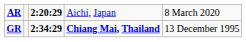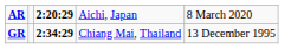 <table class="wikitable" style="font-size:95%; position:relative;">
 <tr>
 <td align=center><strong><a href='#'>AR</a></strong></td>
 <td></td>
 <td><strong>2:20:29</strong></td>
 <td><a href='#'>Aichi</a>, <a href='#'>Japan</a></td>
 <td>8 March 2020</td>
 </tr>
 <tr>
 <td align=center><strong><a href='#'>GR</a></strong></td>
 <td></td>
 <td><strong>2:34:29</strong></td>
-<td><strong><a href='#'>Chiang Mai</a>, <a href='#'>Thailand</a></strong></td>
+<td><a href='#'>Chiang Mai</a>, <a href='#'>Thailand</a></td>
 <td>13 December 1995</td>
 </tr>
 </table>
